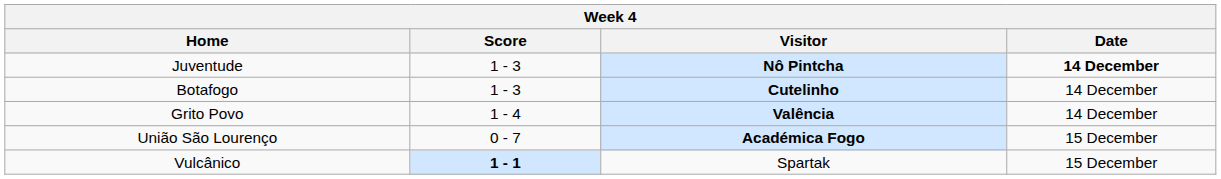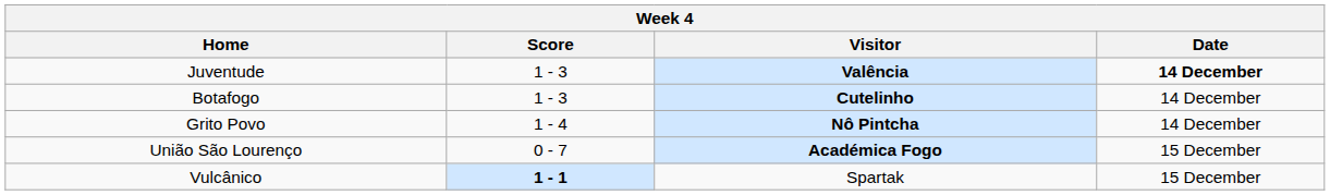 <table class="wikitable" style="margin:1em auto; font-size:95%; text-align: center; width: 95%;">
 <tr>
 <th colspan="12"  style="with:100%; text-align:center;">Week 4</th>
 </tr>
 <tr>
 <th style="width:200px;">Home</th>
 <th width="90">Score</th>
 <th style="width:200px;">Visitor</th>
 <th style="width:100px;">Date</th>
 </tr>
 <tr align=center>
 <td>Juventude</td>
 <td>1 - 3</td>
-<td style="background:#d0e7ff;"><strong>Nô Pintcha</strong></td>
+<td style="background:#d0e7ff;"><strong>Valência</strong></td>
 <td><strong>14 December</strong></td>
 </tr>
 <tr align=center>
 <td>Botafogo</td>
 <td>1 - 3</td>
 <td style="background:#d0e7ff;"><strong>Cutelinho</strong></td>
 <td>14 December</td>
 </tr>
 <tr align=center>
 <td>Grito Povo</td>
 <td>1 - 4</td>
-<td style="background:#d0e7ff;"><strong>Valência</strong></td>
+<td style="background:#d0e7ff;"><strong>Nô Pintcha</strong></td>
 <td>14 December</td>
 </tr>
 <tr align=center>
 <td>União São Lourenço</td>
 <td>0 - 7</td>
 <td style="background:#d0e7ff;"><strong>Académica Fogo</strong></td>
 <td>15 December</td>
 </tr>
 <tr align=center>
 <td>Vulcânico</td>
 <td style="background:#d0e7ff;"><strong>1 - 1</strong></td>
 <td>Spartak</td>
 <td>15 December</td>
 </tr>
 </table>
